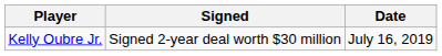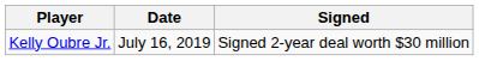 <table class="wikitable sortable sortable">
 <tr>
 <th>Player</th>
+<th>Date</th>
 <th>Signed</th>
-<th>Date</th>
 </tr>
 <tr style="text-align: center">
 <td><a href='#'>Kelly Oubre Jr.</a></td>
+<td>July 16, 2019</td>
 <td>Signed 2-year deal worth $30 million</td>
-<td>July 16, 2019</td>
 </tr>
 </table>
